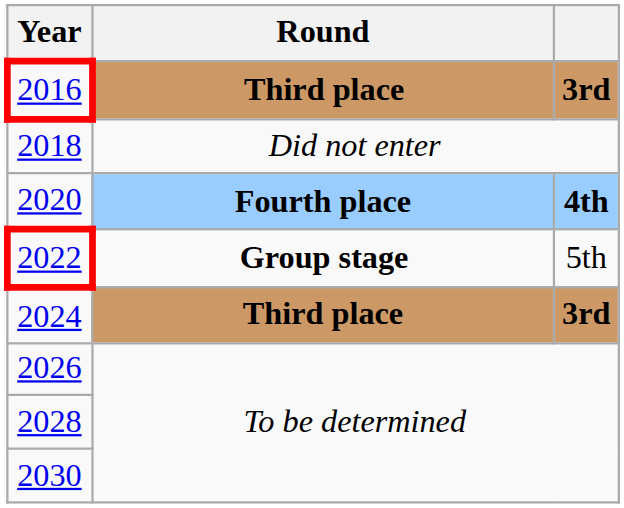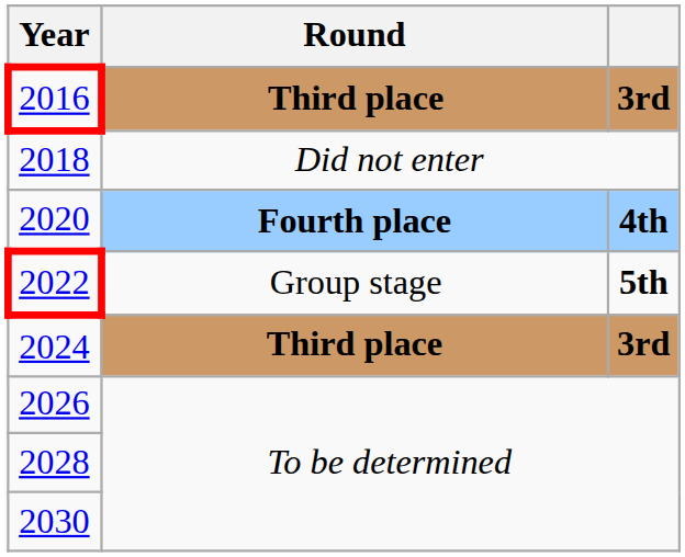 <table class="wikitable" style="text-align: center; font-size:90%">
 <tr>
 <th>Year</th>
 <th style="width:200px">Round</th>
 <th></th>
 </tr>
 <tr>
 <td style="border: 3px solid red"><a href='#'>2016</a></td>
 <td bgcolor="cc9966"><strong>Third place</strong></td>
 <td bgcolor="cc9966"><strong>3rd</strong></td>
 </tr>
 <tr>
 <td><a href='#'>2018</a></td>
 <td colspan="2"><em>Did not enter</em></td>
 </tr>
 <tr>
 <td><a href='#'>2020</a></td>
 <td bgcolor="9acdff"><strong>Fourth place</strong></td>
 <td bgcolor="9acdff"><strong>4th</strong></td>
 </tr>
 <tr>
 <td style="border: 3px solid red"><a href='#'>2022</a></td>
-<td><strong>Group stage</strong></td>
-<td>5th</td>
+<td>Group stage</td>
+<td><strong>5th</strong></td>
 </tr>
 <tr>
 <td><a href='#'>2024</a></td>
 <td bgcolor="cc9966"><strong>Third place</strong></td>
 <td bgcolor="cc9966"><strong>3rd</strong></td>
 </tr>
 <tr>
 <td><a href='#'>2026</a></td>
 <td colspan="2" rowspan="3"><em>To be determined</em></td>
 </tr>
 <tr>
 <td><a href='#'>2028</a></td>
 </tr>
 <tr>
 <td><a href='#'>2030</a></td>
 </tr>
 </table>
